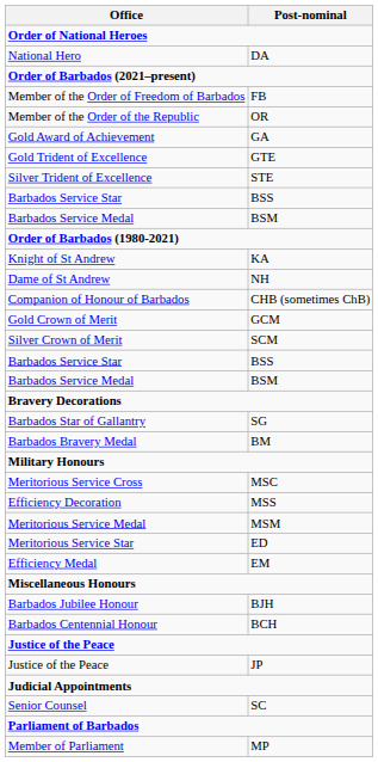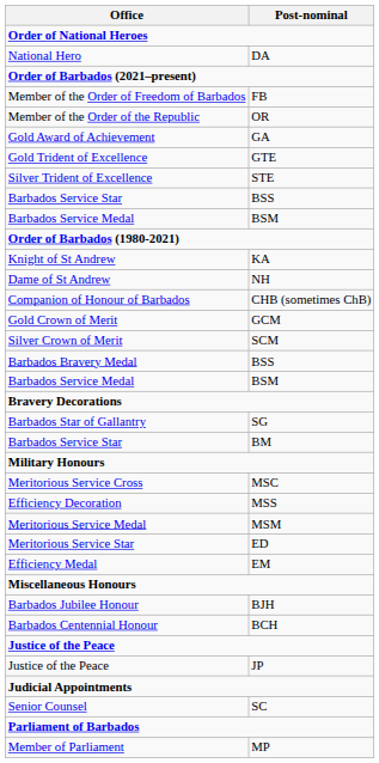 <table class="wikitable">
 <tr>
 <th>Office</th>
 <th>Post-nominal</th>
 </tr>
 <tr>
 <td colspan=2><strong><a href='#'>Order of National Heroes</a></strong></td>
 </tr>
 <tr>
 <td><a href='#'>National Hero</a></td>
 <td>DA</td>
 </tr>
 <tr>
 <td colspan=2><strong><a href='#'>Order of Barbados</a> (2021–present)</strong></td>
 </tr>
 <tr>
 <td>Member of the <a href='#'>Order of Freedom of Barbados</a></td>
 <td>FB</td>
 </tr>
 <tr>
 <td>Member of the <a href='#'>Order of the Republic</a></td>
 <td>OR</td>
 </tr>
 <tr>
 <td><a href='#'>Gold Award of Achievement</a></td>
 <td>GA</td>
 </tr>
 <tr>
 <td><a href='#'>Gold Trident of Excellence</a></td>
 <td>GTE</td>
 </tr>
 <tr>
 <td><a href='#'>Silver Trident of Excellence</a></td>
 <td>STE</td>
 </tr>
 <tr>
 <td><a href='#'>Barbados Service Star</a></td>
 <td>BSS</td>
 </tr>
 <tr>
 <td><a href='#'>Barbados Service Medal</a></td>
 <td>BSM</td>
 </tr>
 <tr>
 <td colspan=2><strong><a href='#'>Order of Barbados</a> (1980-2021)</strong></td>
 </tr>
 <tr>
 <td><a href='#'>Knight of St Andrew</a></td>
 <td>KA</td>
 </tr>
 <tr>
 <td><a href='#'>Dame of St Andrew</a></td>
 <td>NH</td>
 </tr>
 <tr>
 <td><a href='#'>Companion of Honour of Barbados</a></td>
 <td>CHB (sometimes ChB)</td>
 </tr>
 <tr>
 <td><a href='#'>Gold Crown of Merit</a></td>
 <td>GCM</td>
 </tr>
 <tr>
 <td><a href='#'>Silver Crown of Merit</a></td>
 <td>SCM</td>
 </tr>
 <tr>
-<td><a href='#'>Barbados Service Star</a></td>
+<td><a href='#'>Barbados Bravery Medal</a></td>
 <td>BSS</td>
 </tr>
 <tr>
 <td><a href='#'>Barbados Service Medal</a></td>
 <td>BSM</td>
 </tr>
 <tr>
 <td colspan=2><strong>Bravery Decorations</strong></td>
 </tr>
 <tr>
 <td><a href='#'>Barbados Star of Gallantry</a></td>
 <td>SG</td>
 </tr>
 <tr>
-<td><a href='#'>Barbados Bravery Medal</a></td>
+<td><a href='#'>Barbados Service Star</a></td>
 <td>BM</td>
 </tr>
 <tr>
 <td colspan=2><strong>Military Honours</strong></td>
 </tr>
 <tr>
 <td><a href='#'>Meritorious Service Cross</a></td>
 <td>MSC</td>
 </tr>
 <tr>
 <td><a href='#'>Efficiency Decoration</a></td>
 <td>MSS</td>
 </tr>
 <tr>
 <td><a href='#'>Meritorious Service Medal</a></td>
 <td>MSM</td>
 </tr>
 <tr>
 <td><a href='#'>Meritorious Service Star</a></td>
 <td>ED</td>
 </tr>
 <tr>
 <td><a href='#'>Efficiency Medal</a></td>
 <td>EM</td>
 </tr>
 <tr>
 <td colspan=2><strong>Miscellaneous Honours</strong></td>
 </tr>
 <tr>
 <td><a href='#'>Barbados Jubilee Honour</a></td>
 <td>BJH</td>
 </tr>
 <tr>
 <td><a href='#'>Barbados Centennial Honour</a></td>
 <td>BCH</td>
 </tr>
 <tr>
 <td colspan=2><strong><a href='#'>Justice of the Peace</a></strong></td>
 </tr>
 <tr>
 <td>Justice of the Peace</td>
 <td>JP</td>
 </tr>
 <tr>
 <td colspan=2><strong>Judicial Appointments</strong></td>
 </tr>
 <tr>
 <td><a href='#'>Senior Counsel</a></td>
 <td>SC</td>
 </tr>
 <tr>
 <td colspan=2><strong><a href='#'>Parliament of Barbados</a></strong></td>
 </tr>
 <tr>
 <td><a href='#'>Member of Parliament</a></td>
 <td>MP</td>
 </tr>
 </table>
